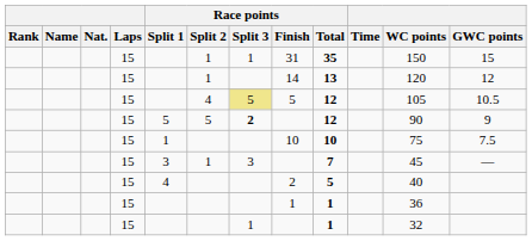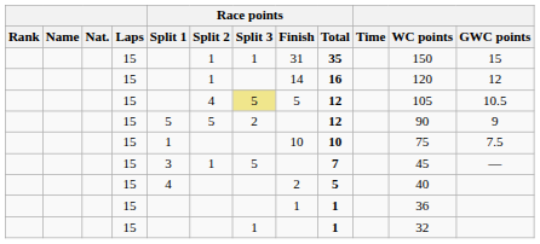 <table class="wikitable sortable" style="text-align:center">
 <tr>
 <th colspan=4></th>
 <th colspan=5>Race points</th>
 <th colspan=3></th>
 </tr>
 <tr>
 <th>Rank</th>
 <th>Name</th>
 <th>Nat.</th>
 <th>Laps</th>
 <th>Split 1</th>
 <th>Split 2</th>
 <th>Split 3</th>
 <th>Finish</th>
 <th>Total</th>
 <th>Time</th>
 <th>WC points</th>
 <th>GWC points</th>
 </tr>
 <tr>
 <td></td>
 <td align=left></td>
 <td></td>
 <td>15</td>
 <td></td>
 <td>1</td>
 <td>1</td>
 <td>31</td>
 <td><strong>35</strong></td>
 <td></td>
 <td>150</td>
 <td>15</td>
 </tr>
 <tr>
 <td></td>
 <td align=left></td>
 <td></td>
 <td>15</td>
 <td></td>
 <td>1</td>
 <td></td>
 <td>14</td>
-<td><strong>13</strong></td>
+<td><strong>16</strong></td>
 <td></td>
 <td>120</td>
 <td>12</td>
 </tr>
 <tr>
 <td></td>
 <td align=left></td>
 <td></td>
 <td>15</td>
 <td></td>
 <td>4</td>
 <td style="background: khaki;">5</td>
 <td>5</td>
 <td><strong>12</strong></td>
 <td></td>
 <td>105</td>
 <td>10.5</td>
 </tr>
 <tr>
 <td></td>
 <td align=left></td>
 <td></td>
 <td>15</td>
 <td>5</td>
 <td>5</td>
-<td><strong>2</strong></td>
+<td>2</td>
 <td></td>
 <td><strong>12</strong></td>
 <td></td>
 <td>90</td>
 <td>9</td>
 </tr>
 <tr>
 <td></td>
 <td align=left></td>
 <td></td>
 <td>15</td>
 <td>1</td>
 <td></td>
 <td></td>
 <td>10</td>
 <td><strong>10</strong></td>
 <td></td>
 <td>75</td>
 <td>7.5</td>
 </tr>
 <tr>
 <td></td>
 <td align=left></td>
 <td></td>
 <td>15</td>
 <td>3</td>
 <td>1</td>
-<td>3</td>
+<td>5</td>
 <td></td>
 <td><strong>7</strong></td>
 <td></td>
 <td>45</td>
 <td>—</td>
 </tr>
 <tr>
 <td></td>
 <td align=left></td>
 <td></td>
 <td>15</td>
 <td>4</td>
 <td></td>
 <td></td>
 <td>2</td>
 <td><strong>5</strong></td>
 <td></td>
 <td>40</td>
 <td></td>
 </tr>
 <tr>
 <td></td>
 <td align=left></td>
 <td></td>
 <td>15</td>
 <td></td>
 <td></td>
 <td></td>
 <td>1</td>
 <td><strong>1</strong></td>
 <td></td>
 <td>36</td>
 <td></td>
 </tr>
 <tr>
 <td></td>
 <td align=left></td>
 <td></td>
 <td>15</td>
 <td></td>
 <td></td>
 <td>1</td>
 <td></td>
 <td><strong>1</strong></td>
 <td></td>
 <td>32</td>
 <td></td>
 </tr>
 </table>
